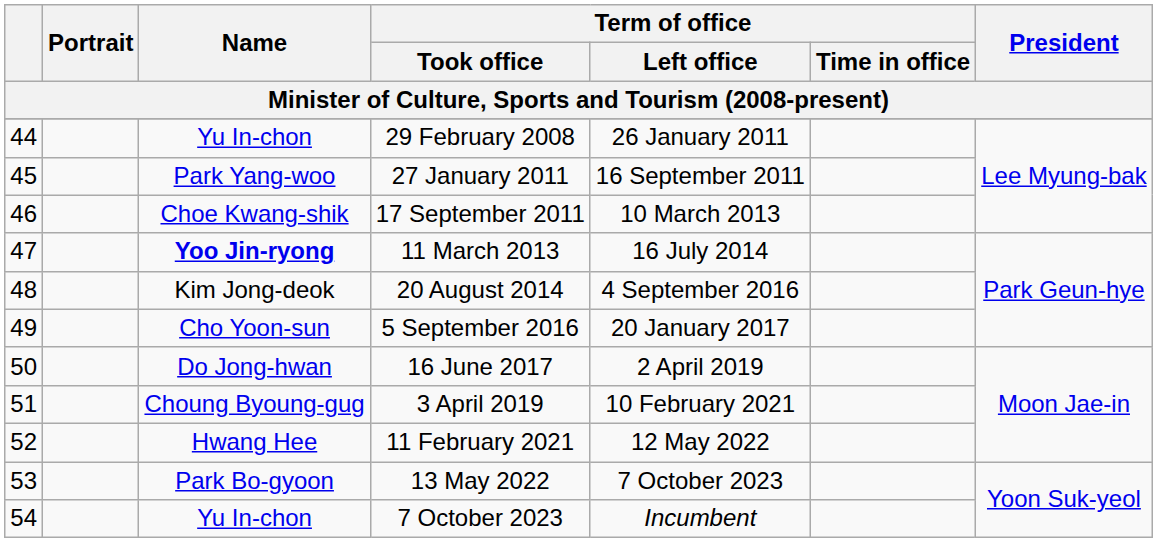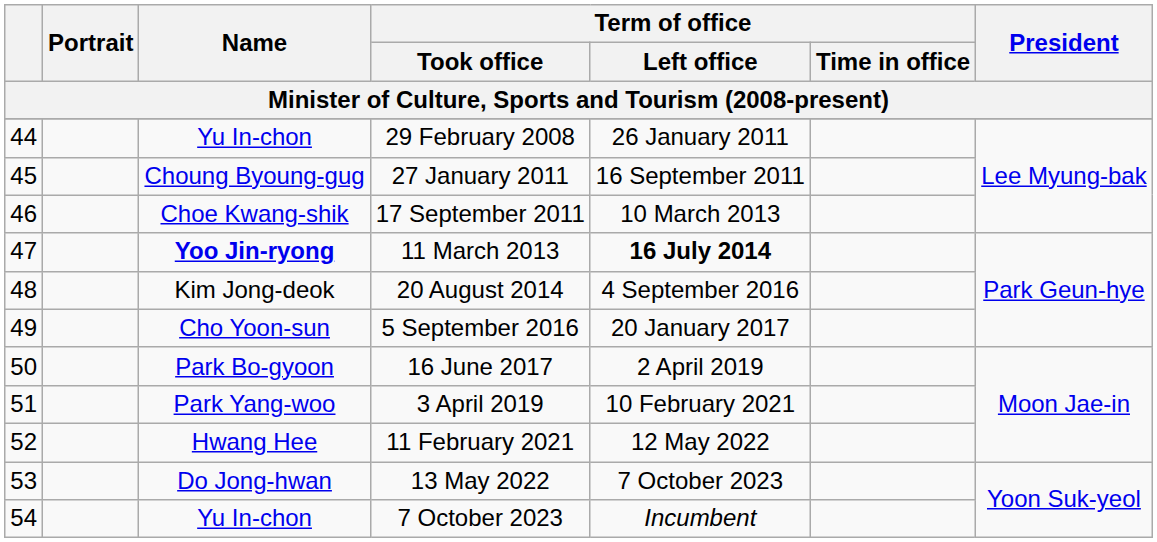 <table class="wikitable sortable" style="text-align:center">
 <tr>
 <th rowspan="2"></th>
 <th rowspan="2">Portrait</th>
 <th rowspan="2">Name</th>
 <th colspan="3">Term of office</th>
 <th rowspan="2"><a href='#'>President</a></th>
 </tr>
 <tr>
 <th>Took office</th>
 <th>Left office</th>
 <th>Time in office</th>
 </tr>
 <tr>
 <th colspan=7>Minister of Culture, Sports and Tourism (2008-present)</th>
 </tr>
 <tr>
 </tr>
 <tr>
 <td>44</td>
 <td></td>
 <td><a href='#'>Yu In-chon</a></td>
 <td>29 February 2008</td>
 <td>26 January 2011</td>
 <td></td>
 <td rowspan="3"><a href='#'>Lee Myung-bak</a></td>
 </tr>
 <tr>
 <td>45</td>
 <td></td>
-<td><a href='#'>Park Yang-woo</a></td>
+<td><a href='#'>Choung Byoung-gug</a></td>
 <td>27 January 2011</td>
 <td>16 September 2011</td>
 <td></td>
 </tr>
 <tr>
 <td>46</td>
 <td></td>
 <td><a href='#'>Choe Kwang-shik</a></td>
 <td>17 September 2011</td>
 <td>10 March 2013</td>
 <td></td>
 </tr>
 <tr>
 <td>47</td>
 <td></td>
 <td><strong><a href='#'>Yoo Jin-ryong</a></strong></td>
 <td>11 March 2013</td>
-<td>16 July 2014</td>
+<td><strong>16 July 2014</strong></td>
 <td></td>
 <td rowspan="3"><a href='#'>Park Geun-hye</a></td>
 </tr>
 <tr>
 <td>48</td>
 <td></td>
 <td>Kim Jong-deok</td>
 <td>20 August 2014</td>
 <td>4 September 2016</td>
 <td></td>
 </tr>
 <tr>
 <td>49</td>
 <td></td>
 <td><a href='#'>Cho Yoon-sun</a></td>
 <td>5 September 2016</td>
 <td>20 January 2017</td>
 <td></td>
 </tr>
 <tr>
 <td>50</td>
 <td></td>
-<td><a href='#'>Do Jong-hwan</a></td>
+<td><a href='#'>Park Bo-gyoon</a></td>
 <td>16 June 2017</td>
 <td>2 April 2019</td>
 <td></td>
 <td rowspan="3"><a href='#'>Moon Jae-in</a></td>
 </tr>
 <tr>
 <td>51</td>
 <td></td>
-<td><a href='#'>Choung Byoung-gug</a></td>
+<td><a href='#'>Park Yang-woo</a></td>
 <td>3 April 2019</td>
 <td>10 February 2021</td>
 <td></td>
 </tr>
 <tr>
 <td>52</td>
 <td></td>
 <td><a href='#'>Hwang Hee</a></td>
 <td>11 February 2021</td>
 <td>12 May 2022</td>
 <td></td>
 </tr>
 <tr>
 <td>53</td>
 <td></td>
-<td><a href='#'>Park Bo-gyoon</a></td>
+<td><a href='#'>Do Jong-hwan</a></td>
 <td>13 May 2022</td>
 <td>7 October 2023</td>
 <td></td>
 <td rowspan="2"><a href='#'>Yoon Suk-yeol</a></td>
 </tr>
 <tr>
 <td>54</td>
 <td></td>
 <td><a href='#'>Yu In-chon</a></td>
 <td>7 October 2023</td>
 <td><em>Incumbent</em></td>
 <td></td>
 </tr>
 </table>
